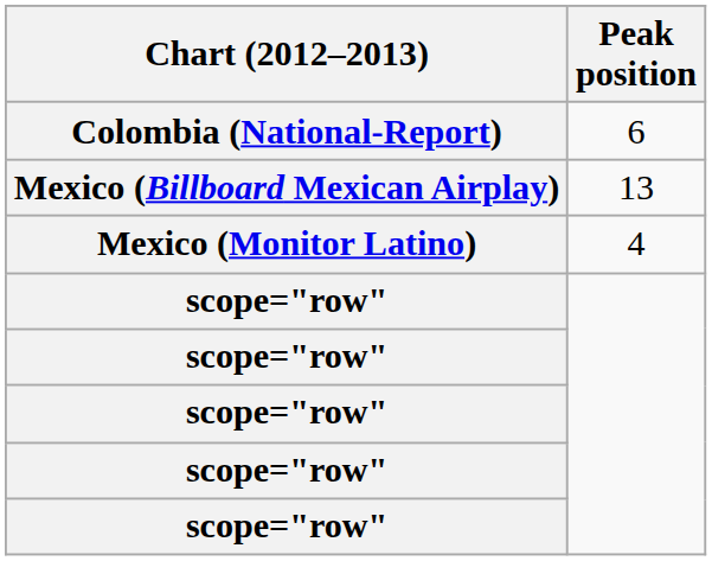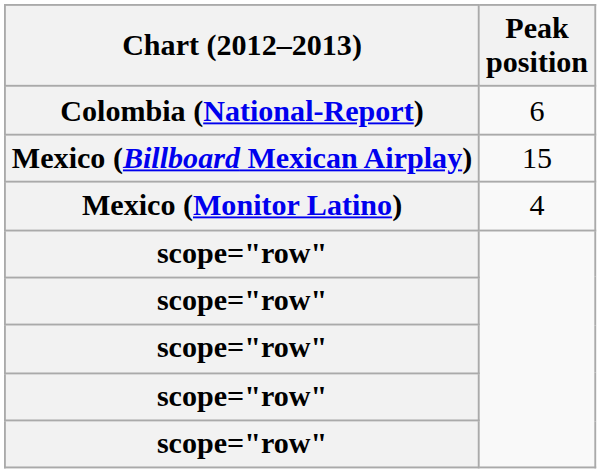 <table class="wikitable plainrowheaders sortable" style="text-align:center;">
 <tr>
 <th scope="col">Chart (2012–2013)</th>
 <th scope="col">Peak<br>position</th>
 </tr>
 <tr>
 <th scope="row">Colombia (<a href='#'>National-Report</a>)</th>
 <td style="text-align:center;">6</td>
 </tr>
 <tr>
 <th scope="row">Mexico (<a href='#'><em>Billboard</em> Mexican Airplay</a>)</th>
-<td style="text-align:center;">13</td>
+<td style="text-align:center;">15</td>
 </tr>
 <tr>
 <th scope="row">Mexico (<a href='#'>Monitor Latino</a>)</th>
 <td style="text-align:center;">4</td>
 </tr>
 <tr>
 <th>scope="row"</th>
 </tr>
 <tr>
 <th>scope="row"</th>
 </tr>
 <tr>
 <th>scope="row"</th>
 </tr>
 <tr>
 <th>scope="row"</th>
 </tr>
 <tr>
 <th>scope="row"</th>
 </tr>
 </table>
